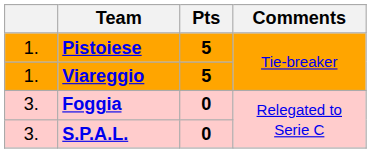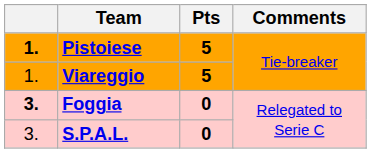 <table class="wikitable" style="text-align: center;">
 <tr>
 <th width=40></th>
 <th width=100>Team</th>
 <th width=40>Pts</th>
 <th width=110>Comments</th>
 </tr>
 <tr style="background:#FFA500;">
-<td>1.</td>
+<td><strong>1.</strong></td>
 <td align="left"><strong><a href='#'>Pistoiese</a></strong></td>
 <td><strong>5</strong></td>
 <td rowspan="2"><small><a href='#'>Tie-breaker</a></small></td>
 </tr>
 <tr style="background:#FFA500;">
 <td>1.</td>
 <td align="left"><strong><a href='#'>Viareggio</a></strong></td>
 <td><strong>5</strong></td>
 </tr>
 <tr style="background:#FFCCCC;">
-<td>3.</td>
+<td><strong>3.</strong></td>
 <td align="left"><strong><a href='#'>Foggia</a></strong></td>
 <td><strong>0</strong></td>
 <td rowspan="2"><small><a href='#'>Relegated to<br>Serie C</a></small></td>
 </tr>
 <tr style="background:#FFCCCC;">
 <td>3.</td>
 <td align="left"><strong><a href='#'>S.P.A.L.</a></strong></td>
 <td><strong>0</strong></td>
 </tr>
 </table>
